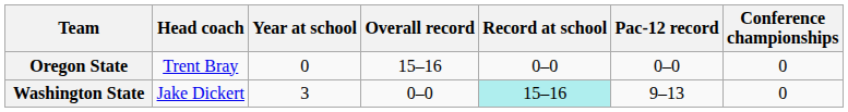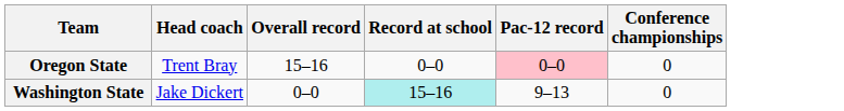 <table class="wikitable sortable" style="text-align: center;">
 <tr>
 <th style="width:8em;">Team</th>
 <th>Head coach</th>
-<th>Year at school</th>
 <th>Overall record</th>
 <th>Record at school</th>
 <th>Pac-12 record</th>
 <th>Conference <br> championships</th>
 </tr>
 <tr>
 <th>Oregon State</th>
 <td><a href='#'>Trent Bray</a></td>
-<td>0</td>
 <td>15–16</td>
 <td>0–0</td>
-<td>0–0</td>
+<td style="background: pink;">0–0</td>
 <td>0</td>
 </tr>
 <tr>
 <th>Washington State</th>
 <td><a href='#'>Jake Dickert</a></td>
-<td>3</td>
 <td>0–0</td>
 <td style="background: paleturquoise;">15–16</td>
 <td>9–13</td>
 <td>0</td>
 </tr>
 </table>
